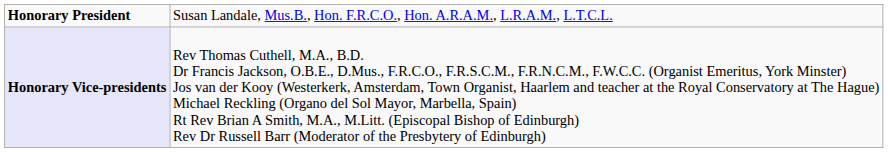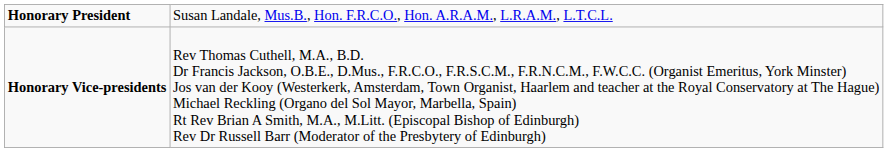 <table class="wikitable">
 <tr>
 <td><strong>Honorary President</strong></td>
 <td>Susan Landale, <a href='#'>Mus.B.</a>, <a href='#'>Hon. F.R.C.O.</a>, <a href='#'>Hon. A.R.A.M.</a>, <a href='#'>L.R.A.M.</a>, <a href='#'>L.T.C.L.</a></td>
 </tr>
 <tr>
-<td style="background: lavender;"><strong>Honorary Vice-presidents</strong></td>
+<td><strong>Honorary Vice-presidents</strong></td>
 <td><br>Rev Thomas Cuthell, M.A., B.D.<br>Dr Francis Jackson, O.B.E., D.Mus., F.R.C.O., F.R.S.C.M., F.R.N.C.M., F.W.C.C. (Organist Emeritus, York Minster)<br>Jos van der Kooy (Westerkerk, Amsterdam, Town Organist, Haarlem and teacher at the Royal Conservatory at The Hague)<br>Michael Reckling (Organo del Sol Mayor, Marbella, Spain)<br>Rt Rev Brian A Smith, M.A., M.Litt. (Episcopal Bishop of Edinburgh)<br>Rev Dr Russell Barr (Moderator of the Presbytery of Edinburgh)</td>
 </tr>
 </table>
